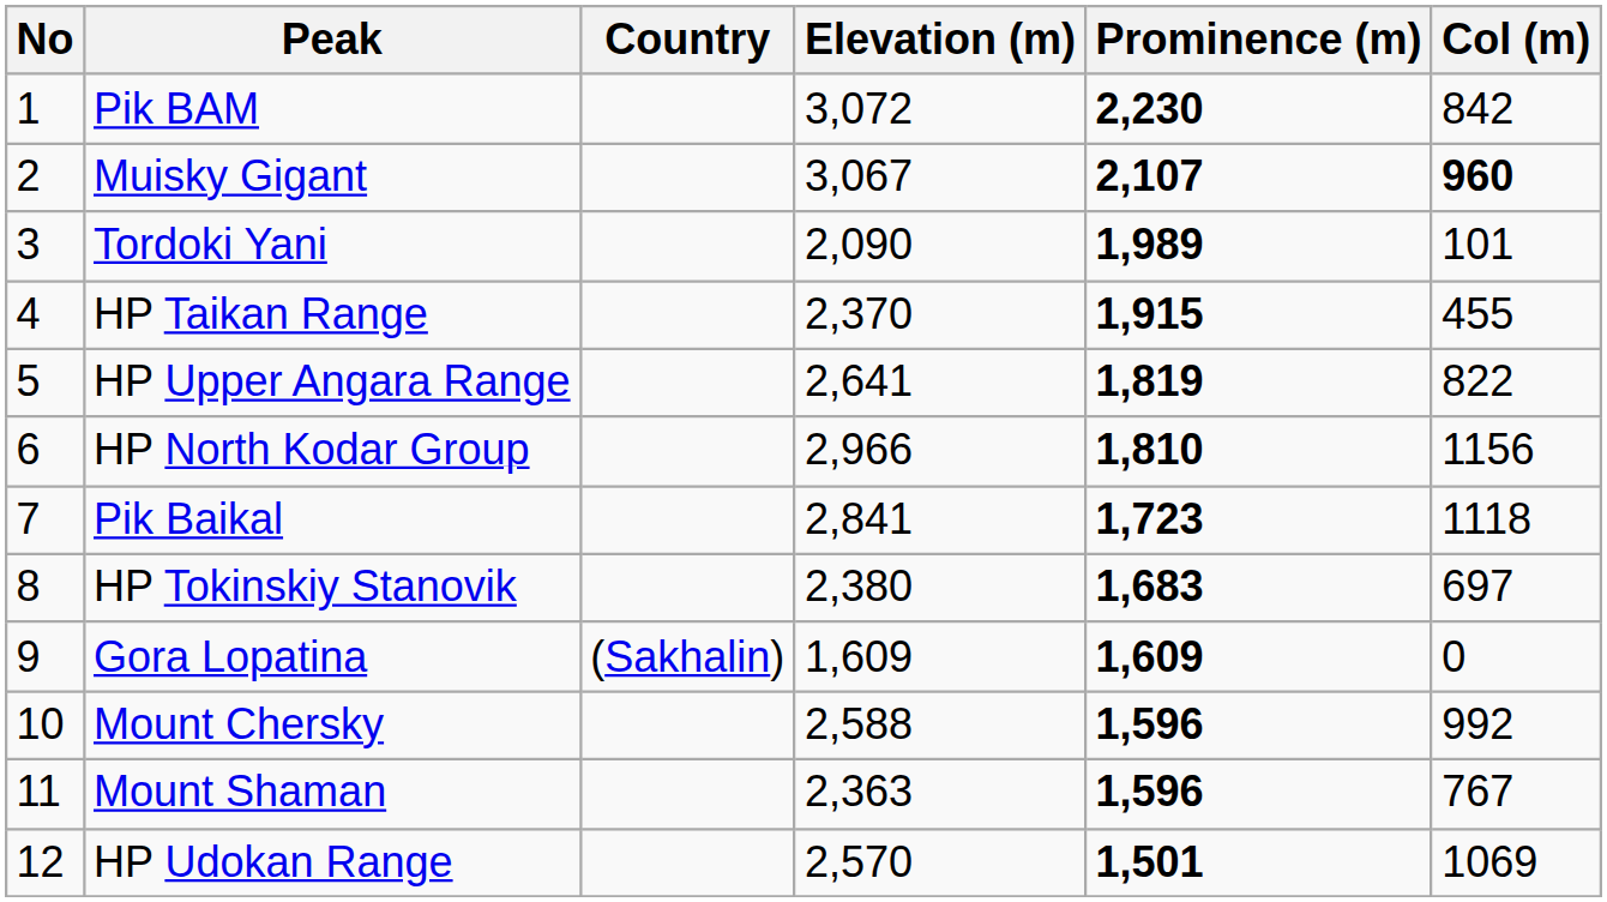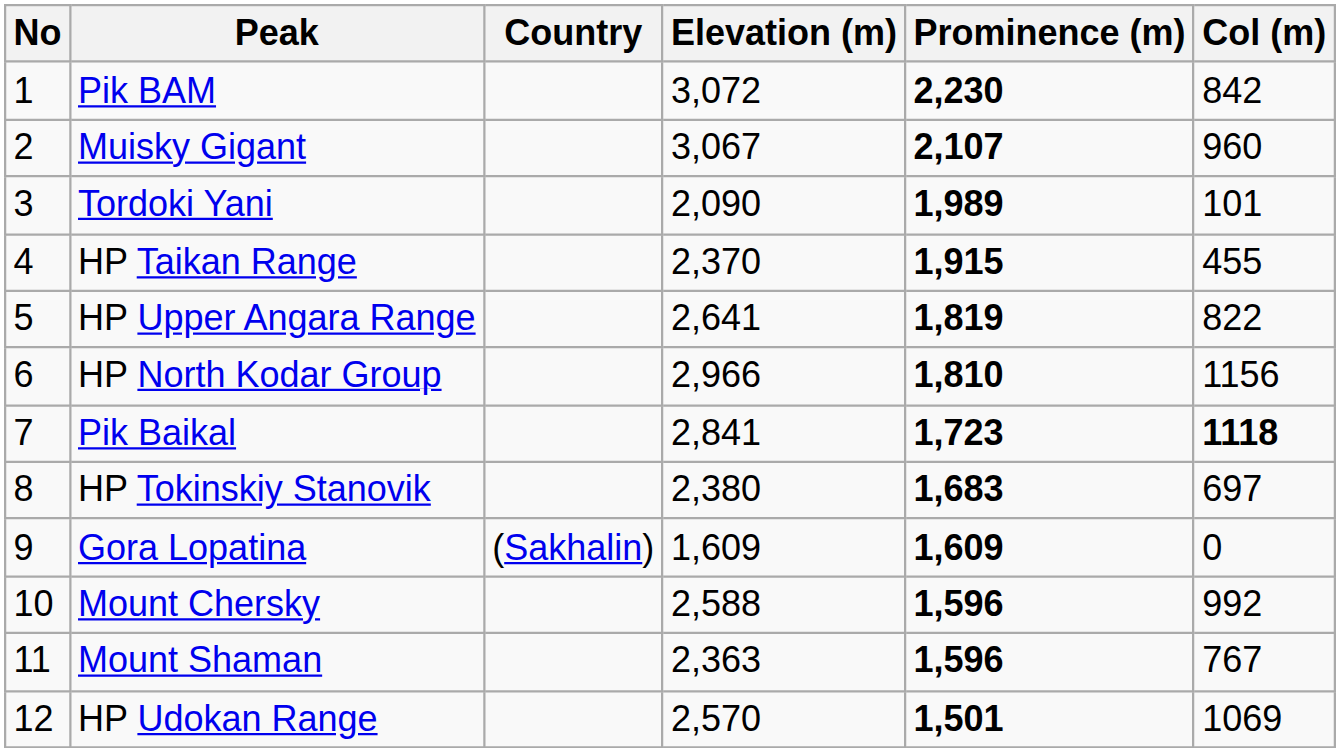 <table class="wikitable sortable">
 <tr>
 <th>No</th>
 <th>Peak</th>
 <th>Country</th>
 <th>Elevation (m)</th>
 <th>Prominence (m)</th>
 <th>Col (m)</th>
 </tr>
 <tr>
 <td>1</td>
 <td><a href='#'>Pik BAM</a></td>
 <td></td>
 <td>3,072</td>
 <td><strong>2,230</strong></td>
 <td>842</td>
 </tr>
 <tr>
 <td>2</td>
 <td><a href='#'>Muisky Gigant</a></td>
 <td></td>
 <td>3,067</td>
 <td><strong>2,107</strong></td>
-<td><strong>960</strong></td>
+<td>960</td>
 </tr>
 <tr>
 <td>3</td>
 <td><a href='#'>Tordoki Yani</a></td>
 <td></td>
 <td>2,090</td>
 <td><strong>1,989</strong></td>
 <td>101</td>
 </tr>
 <tr>
 <td>4</td>
 <td>HP <a href='#'>Taikan Range</a></td>
 <td></td>
 <td>2,370</td>
 <td><strong>1,915</strong></td>
 <td>455</td>
 </tr>
 <tr>
 <td>5</td>
 <td>HP <a href='#'>Upper Angara Range</a></td>
 <td></td>
 <td>2,641</td>
 <td><strong>1,819</strong></td>
 <td>822</td>
 </tr>
 <tr>
 <td>6</td>
 <td>HP <a href='#'>North Kodar Group</a></td>
 <td></td>
 <td>2,966</td>
 <td><strong>1,810</strong></td>
 <td>1156</td>
 </tr>
 <tr>
 <td>7</td>
 <td><a href='#'>Pik Baikal</a></td>
 <td></td>
 <td>2,841</td>
 <td><strong>1,723</strong></td>
-<td>1118</td>
+<td><strong>1118</strong></td>
 </tr>
 <tr>
 <td>8</td>
 <td>HP <a href='#'>Tokinskiy Stanovik</a></td>
 <td></td>
 <td>2,380</td>
 <td><strong>1,683</strong></td>
 <td>697</td>
 </tr>
 <tr>
 <td>9</td>
 <td><a href='#'>Gora Lopatina</a></td>
 <td> (<a href='#'>Sakhalin</a>)</td>
 <td>1,609</td>
 <td><strong>1,609</strong></td>
 <td>0</td>
 </tr>
 <tr>
 <td>10</td>
 <td><a href='#'>Mount Chersky</a></td>
 <td></td>
 <td>2,588</td>
 <td><strong>1,596</strong></td>
 <td>992</td>
 </tr>
 <tr>
 <td>11</td>
 <td><a href='#'>Mount Shaman</a></td>
 <td></td>
 <td>2,363</td>
 <td><strong>1,596</strong></td>
 <td>767</td>
 </tr>
 <tr>
 <td>12</td>
 <td>HP <a href='#'>Udokan Range</a></td>
 <td></td>
 <td>2,570</td>
 <td><strong>1,501</strong></td>
 <td>1069</td>
 </tr>
 <tr>
 </tr>
 </table>
